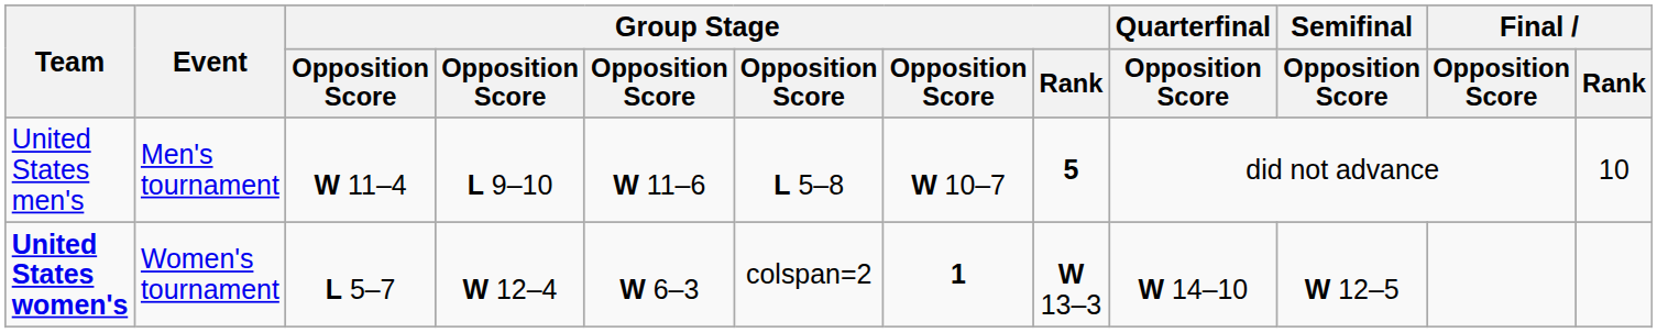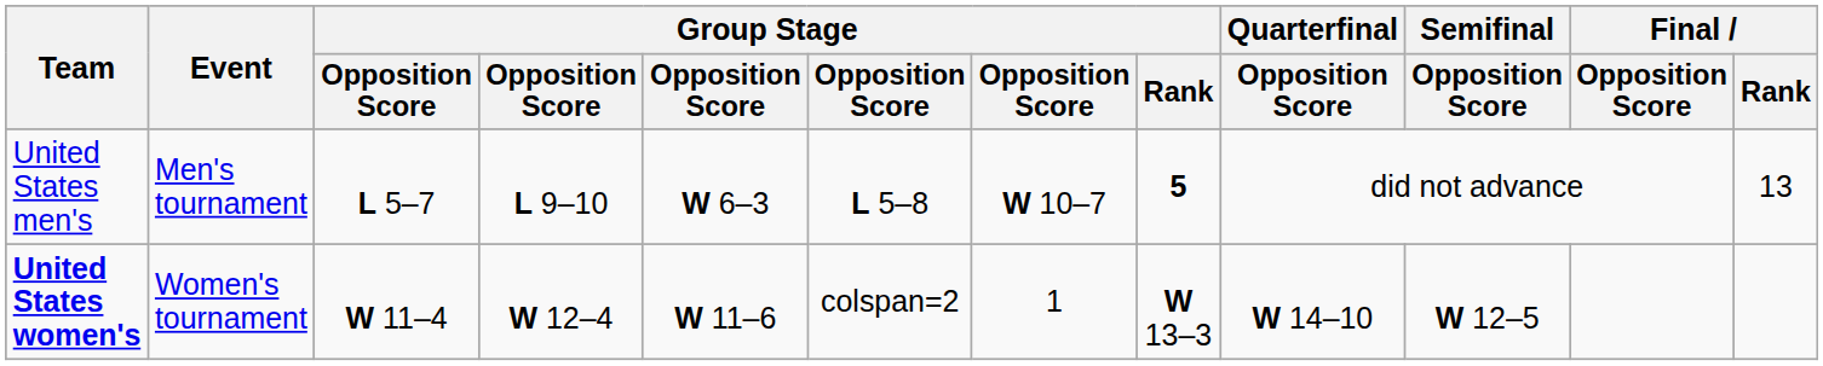 <table class=wikitable style=font-size:90%;text-align:center>
 <tr>
 <th rowspan=2>Team</th>
 <th rowspan=2>Event</th>
 <th colspan=6>Group Stage</th>
 <th>Quarterfinal</th>
 <th>Semifinal</th>
 <th colspan=2>Final / </th>
 </tr>
 <tr style=font-size:95%>
 <th>Opposition<br>Score</th>
 <th>Opposition<br>Score</th>
 <th>Opposition<br>Score</th>
 <th>Opposition<br>Score</th>
 <th>Opposition<br>Score</th>
 <th>Rank</th>
 <th>Opposition<br>Score</th>
 <th>Opposition<br>Score</th>
 <th>Opposition<br>Score</th>
 <th>Rank</th>
 </tr>
 <tr>
 <td align=left><a href='#'>United States men's</a></td>
 <td align=left><a href='#'>Men's tournament</a></td>
-<td><br><strong>W</strong> 11–4</td>
+<td><br><strong>L</strong> 5–7</td>
 <td><br><strong>L</strong> 9–10</td>
-<td><br><strong>W</strong> 11–6</td>
+<td><br><strong>W</strong> 6–3</td>
 <td><br><strong>L</strong> 5–8</td>
 <td><br><strong>W</strong> 10–7</td>
 <td><strong>5</strong></td>
 <td colspan=3>did not advance</td>
-<td>10</td>
+<td>13</td>
 </tr>
 <tr>
 <td align=left><strong><a href='#'>United States women's</a></strong></td>
 <td align=left><a href='#'>Women's tournament</a></td>
-<td><br><strong>L</strong> 5–7</td>
+<td><br><strong>W</strong> 11–4</td>
 <td><br><strong>W</strong> 12–4</td>
-<td><br><strong>W</strong> 6–3</td>
+<td><br><strong>W</strong> 11–6</td>
 <td>colspan=2 </td>
-<td><strong>1</strong></td>
+<td>1</td>
 <td><br><strong>W</strong> 13–3</td>
 <td><br><strong>W</strong> 14–10</td>
 <td><br><strong>W</strong> 12–5</td>
 <td></td>
 </tr>
 </table>
